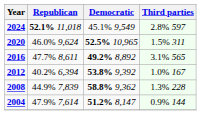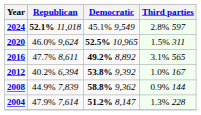 <table class="wikitable" style="float:right; font-size:95%;">
 <tr bgcolor=lightgrey>
 <th>Year</th>
 <th><a href='#'>Republican</a></th>
 <th><a href='#'>Democratic</a></th>
 <th><a href='#'>Third parties</a></th>
 </tr>
 <tr>
 <td style="text-align:center; "><strong><a href='#'>2024</a></strong></td>
 <td style="text-align:center; "><strong>52.1%</strong> <em>11,018</em></td>
 <td style="text-align:center; ">45.1% <em>9,549</em></td>
 <td style="text-align:center; background:honeyDew;">2.8% <em>597</em></td>
 </tr>
 <tr>
 <td style="text-align:center; "><strong><a href='#'>2020</a></strong></td>
 <td style="text-align:center; ">46.0% <em>9,624</em></td>
 <td style="text-align:center; "><strong>52.5%</strong> <em>10,965</em></td>
 <td style="text-align:center; background:honeyDew;">1.5% <em>311</em></td>
 </tr>
 <tr>
 <td style="text-align:center; "><strong><a href='#'>2016</a></strong></td>
 <td style="text-align:center; ">47.7% <em>8,611</em></td>
 <td style="text-align:center; "><strong>49.2%</strong> <em>8,892</em></td>
 <td style="text-align:center; background:honeyDew;">3.1% <em>565</em></td>
 </tr>
 <tr>
 <td style="text-align:center; "><strong><a href='#'>2012</a></strong></td>
 <td style="text-align:center; ">40.2% <em>6,394</em></td>
 <td style="text-align:center; "><strong>53.8%</strong>  <em>9,392</em></td>
 <td style="text-align:center; background:honeyDew;">1.0% <em>167</em></td>
 </tr>
 <tr>
 <td style="text-align:center; "><strong><a href='#'>2008</a></strong></td>
 <td style="text-align:center; ">44.9% <em>7,839</em></td>
 <td style="text-align:center; "><strong>58.8%</strong>  <em>9,362</em></td>
-<td style="text-align:center; background:honeyDew;">1.3% <em>228</em></td>
+<td style="text-align:center; background:honeyDew;">0.9% <em>144</em></td>
 </tr>
 <tr>
 <td style="text-align:center; "><strong><a href='#'>2004</a></strong></td>
 <td style="text-align:center; ">47.9% <em>7,614</em></td>
 <td style="text-align:center; "><strong>51.2%</strong>   <em>8,147</em></td>
-<td style="text-align:center; background:honeyDew;">0.9% <em>144</em></td>
+<td style="text-align:center; background:honeyDew;">1.3% <em>228</em></td>
 </tr>
 <tr>
 </tr>
 </table>
